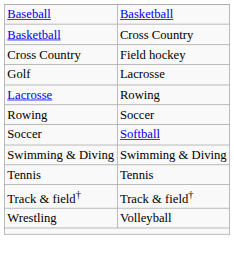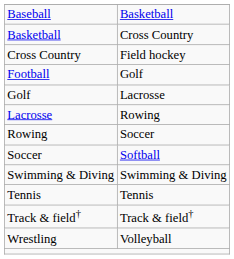 <table class="wikitable" style= " ">
 <tr>
 </tr>
 <tr>
 <td><a href='#'>Baseball</a></td>
 <td><a href='#'>Basketball</a></td>
 </tr>
 <tr>
 <td><a href='#'>Basketball</a></td>
 <td>Cross Country</td>
 </tr>
 <tr>
 <td>Cross Country</td>
 <td>Field hockey</td>
+</tr>
+<tr>
+<td><a href='#'>Football</a></td>
+<td>Golf</td>
 </tr>
 <tr>
 <td>Golf</td>
 <td>Lacrosse</td>
 </tr>
 <tr>
 <td><a href='#'>Lacrosse</a></td>
 <td>Rowing</td>
 </tr>
 <tr>
 <td>Rowing</td>
 <td>Soccer</td>
 </tr>
 <tr>
 <td>Soccer</td>
 <td><a href='#'>Softball</a></td>
 </tr>
 <tr>
 <td>Swimming & Diving</td>
 <td>Swimming & Diving</td>
 </tr>
 <tr>
 <td>Tennis</td>
 <td>Tennis</td>
 </tr>
 <tr>
 <td>Track & field<sup>†</sup></td>
 <td>Track & field<sup>†</sup></td>
 </tr>
 <tr>
 <td>Wrestling</td>
 <td>Volleyball</td>
 </tr>
 <tr>
 <td colspan="2"></td>
 </tr>
 </table>
